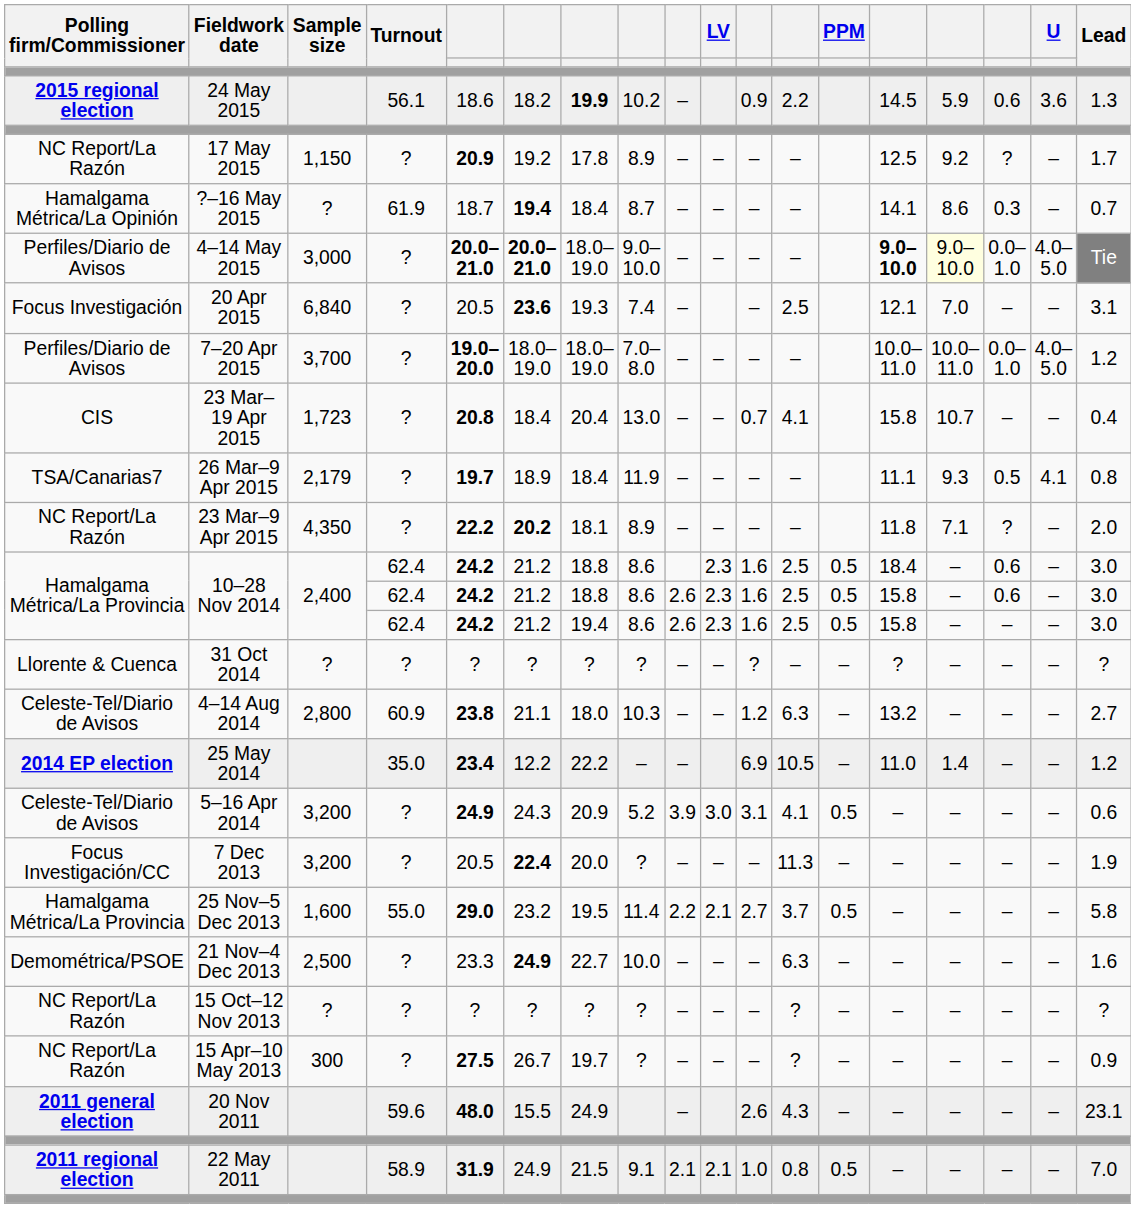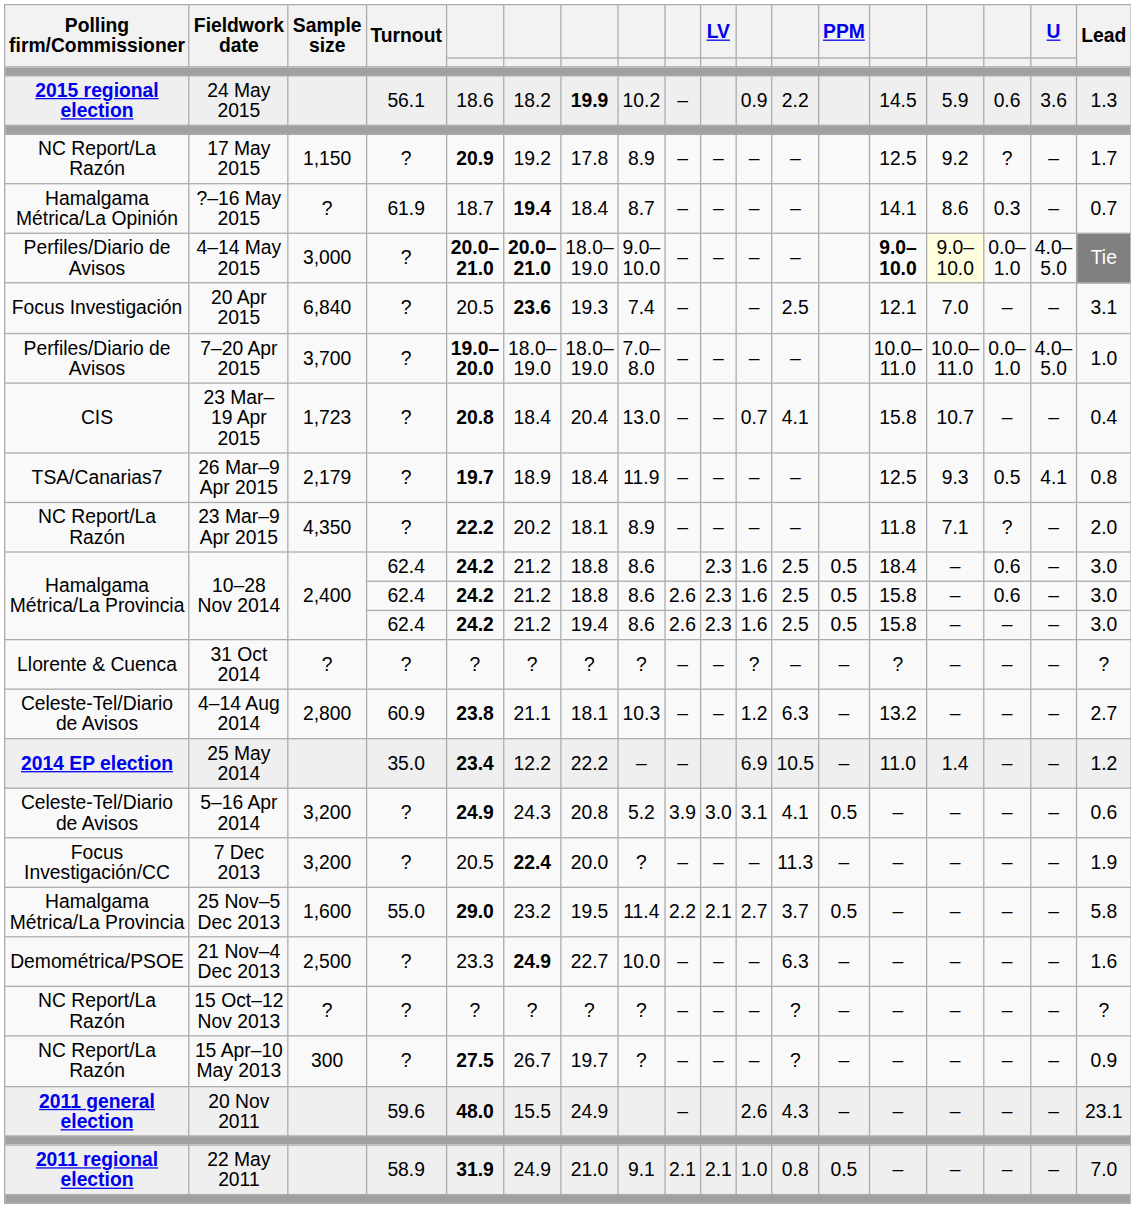 <table class="wikitable collapsible collapsed" style="text-align:center; font-size:95%; line-height:16px;">
 <tr style="height:42px;">
 <th style="width:250px;" rowspan="2">Polling firm/Commissioner</th>
 <th style="width:125px;" rowspan="2">Fieldwork date</th>
 <th style="width:50px;" rowspan="2">Sample size</th>
 <th style="width:45px;" rowspan="2">Turnout</th>
 <th style="width:35px;"></th>
 <th style="width:35px;"></th>
 <th style="width:35px;"></th>
 <th style="width:35px;"></th>
 <th style="width:35px;"></th>
 <th style="width:35px;"><a href='#'>LV</a></th>
 <th style="width:35px;"></th>
 <th style="width:35px;"></th>
 <th style="width:35px;"><a href='#'>PPM</a></th>
 <th style="width:35px;"></th>
 <th style="width:35px;"></th>
 <th style="width:35px;"></th>
 <th style="width:35px;"><a href='#'>U</a></th>
 <th style="width:30px;" rowspan="2">Lead</th>
 </tr>
 <tr>
 <th style="color:inherit;background:"></th>
 <th style="color:inherit;background:"></th>
 <th style="color:inherit;background:"></th>
 <th style="color:inherit;background:"></th>
 <th style="color:inherit;background:"></th>
 <th style="color:inherit;background:"></th>
 <th style="color:inherit;background:"></th>
 <th style="color:inherit;background:"></th>
 <th style="color:inherit;background:"></th>
 <th style="color:inherit;background:"></th>
 <th style="color:inherit;background:"></th>
 <th style="color:inherit;background:"></th>
 <th style="color:inherit;background:"></th>
 </tr>
 <tr>
 <td colspan="18" style="background:#A0A0A0"></td>
 </tr>
 <tr style="background:#EFEFEF;">
 <td><strong><a href='#'>2015 regional election</a></strong></td>
 <td>24 May 2015</td>
 <td></td>
 <td>56.1</td>
 <td>18.6<br></td>
 <td>18.2<br></td>
 <td><strong>19.9</strong><br></td>
 <td>10.2<br></td>
 <td>–</td>
 <td></td>
 <td>0.9<br></td>
 <td>2.2<br></td>
 <td></td>
 <td>14.5<br></td>
 <td>5.9<br></td>
 <td>0.6<br></td>
 <td>3.6<br></td>
 <td style="background:">1.3</td>
 </tr>
 <tr>
 <td colspan="18" style="background:#A0A0A0"></td>
 </tr>
 <tr>
 <td>NC Report/La Razón</td>
 <td>17 May 2015</td>
 <td>1,150</td>
 <td>?</td>
 <td><strong>20.9</strong><br></td>
 <td>19.2<br></td>
 <td>17.8<br></td>
 <td>8.9<br></td>
 <td>–</td>
 <td>–</td>
 <td>–</td>
 <td>–</td>
 <td></td>
 <td>12.5<br></td>
 <td>9.2<br></td>
 <td>?<br></td>
 <td>–</td>
 <td style="background:">1.7</td>
 </tr>
 <tr>
 <td>Hamalgama Métrica/La Opinión</td>
 <td>?–16 May 2015</td>
 <td>?</td>
 <td>61.9</td>
 <td>18.7<br></td>
 <td><strong>19.4</strong><br></td>
 <td>18.4<br></td>
 <td>8.7<br></td>
 <td>–</td>
 <td>–</td>
 <td>–</td>
 <td>–</td>
 <td></td>
 <td>14.1<br></td>
 <td>8.6<br></td>
 <td>0.3<br></td>
 <td>–</td>
 <td style="background:">0.7</td>
 </tr>
 <tr>
 <td>Perfiles/Diario de Avisos</td>
 <td>4–14 May 2015</td>
 <td>3,000</td>
 <td>?</td>
 <td><strong>20.0–<br>21.0</strong><br></td>
 <td><strong>20.0–<br>21.0</strong><br></td>
 <td>18.0–<br>19.0<br></td>
 <td>9.0–<br>10.0<br></td>
 <td>–</td>
 <td>–</td>
 <td>–</td>
 <td>–</td>
 <td></td>
 <td><strong>9.0–<br>10.0<br></strong></td>
 <td style="background: lightyellow;">9.0–<br>10.0<br></td>
 <td>0.0–<br>1.0<br></td>
 <td>4.0–<br>5.0<br></td>
 <td style="background:gray; color:white;">Tie</td>
 </tr>
 <tr>
 <td>Focus Investigación</td>
 <td>20 Apr 2015</td>
 <td>6,840</td>
 <td>?</td>
 <td>20.5<br></td>
 <td><strong>23.6</strong><br></td>
 <td>19.3<br></td>
 <td>7.4<br></td>
 <td>–</td>
 <td></td>
 <td>–</td>
 <td>2.5<br></td>
 <td></td>
 <td>12.1<br></td>
 <td>7.0<br></td>
 <td>–</td>
 <td>–</td>
 <td style="background:">3.1</td>
 </tr>
 <tr>
 <td>Perfiles/Diario de Avisos</td>
 <td>7–20 Apr 2015</td>
 <td>3,700</td>
 <td>?</td>
 <td><strong>19.0–<br>20.0</strong><br></td>
 <td>18.0–<br>19.0<br></td>
 <td>18.0–<br>19.0<br></td>
 <td>7.0–<br>8.0<br></td>
 <td>–</td>
 <td>–</td>
 <td>–</td>
 <td>–</td>
 <td></td>
 <td>10.0–<br>11.0<br></td>
 <td>10.0–<br>11.0<br></td>
 <td>0.0–<br>1.0<br></td>
 <td>4.0–<br>5.0<br></td>
-<td style="background:">1.2</td>
+<td style="background:">1.0</td>
 </tr>
 <tr>
 <td>CIS</td>
 <td>23 Mar–19 Apr 2015</td>
 <td>1,723</td>
 <td>?</td>
 <td><strong>20.8</strong><br></td>
 <td>18.4<br></td>
 <td>20.4<br></td>
 <td>13.0<br></td>
 <td>–</td>
 <td>–</td>
 <td>0.7<br></td>
 <td>4.1<br></td>
 <td></td>
 <td>15.8<br></td>
 <td>10.7<br></td>
 <td>–</td>
 <td>–</td>
 <td style="background:">0.4</td>
 </tr>
 <tr>
 <td>TSA/Canarias7</td>
 <td>26 Mar–9 Apr 2015</td>
 <td>2,179</td>
 <td>?</td>
 <td><strong>19.7</strong><br></td>
 <td>18.9<br></td>
 <td>18.4<br></td>
 <td>11.9<br></td>
 <td>–</td>
 <td>–</td>
 <td>–</td>
 <td>–</td>
 <td></td>
-<td>11.1<br></td>
+<td>12.5<br></td>
 <td>9.3<br></td>
 <td>0.5<br></td>
 <td>4.1<br></td>
 <td style="background:">0.8</td>
 </tr>
 <tr>
 <td>NC Report/La Razón</td>
 <td>23 Mar–9 Apr 2015</td>
 <td>4,350</td>
 <td>?</td>
 <td><strong>22.2</strong><br></td>
-<td><strong>20.2<br></strong></td>
+<td>20.2<br></td>
 <td>18.1<br></td>
 <td>8.9<br></td>
 <td>–</td>
 <td>–</td>
 <td>–</td>
 <td>–</td>
 <td></td>
 <td>11.8<br></td>
 <td>7.1<br></td>
 <td>?<br></td>
 <td>–</td>
 <td style="background:">2.0</td>
 </tr>
 <tr>
 <td rowspan="3">Hamalgama Métrica/La Provincia<br></td>
 <td rowspan="3">10–28 Nov 2014</td>
 <td rowspan="3">2,400</td>
 <td>62.4</td>
 <td><strong>24.2</strong><br></td>
 <td>21.2<br></td>
 <td>18.8<br></td>
 <td>8.6<br></td>
 <td></td>
 <td>2.3<br></td>
 <td>1.6<br></td>
 <td>2.5<br></td>
 <td>0.5<br></td>
 <td>18.4<br></td>
 <td>–</td>
 <td>0.6<br></td>
 <td>–</td>
 <td style="background:">3.0</td>
 </tr>
 <tr>
 <td>62.4</td>
 <td><strong>24.2</strong><br></td>
 <td>21.2<br></td>
 <td>18.8<br></td>
 <td>8.6<br></td>
 <td>2.6<br></td>
 <td>2.3<br></td>
 <td>1.6<br></td>
 <td>2.5<br></td>
 <td>0.5<br></td>
 <td>15.8<br></td>
 <td>–</td>
 <td>0.6<br></td>
 <td>–</td>
 <td style="background:">3.0</td>
 </tr>
 <tr>
 <td>62.4</td>
 <td><strong>24.2</strong><br></td>
 <td>21.2<br></td>
 <td>19.4<br></td>
 <td>8.6<br></td>
 <td>2.6<br></td>
 <td>2.3<br></td>
 <td>1.6<br></td>
 <td>2.5<br></td>
 <td>0.5<br></td>
 <td>15.8<br></td>
 <td>–</td>
 <td>–</td>
 <td>–</td>
 <td style="background:">3.0</td>
 </tr>
 <tr>
 <td>Llorente & Cuenca</td>
 <td>31 Oct 2014</td>
 <td>?</td>
 <td>?</td>
 <td>?<br></td>
 <td>?<br></td>
 <td>?<br></td>
 <td>?<br></td>
 <td>–</td>
 <td>–</td>
 <td>?<br></td>
 <td>–</td>
 <td>–</td>
 <td>?<br></td>
 <td>–</td>
 <td>–</td>
 <td>–</td>
 <td style="background:">?</td>
 </tr>
 <tr>
 <td>Celeste-Tel/Diario de Avisos</td>
 <td>4–14 Aug 2014</td>
 <td>2,800</td>
 <td>60.9</td>
 <td><strong>23.8</strong><br></td>
 <td>21.1<br></td>
-<td>18.0<br></td>
+<td>18.1<br></td>
 <td>10.3<br></td>
 <td>–</td>
 <td>–</td>
 <td>1.2<br></td>
 <td>6.3<br></td>
 <td>–</td>
 <td>13.2<br></td>
 <td>–</td>
 <td>–</td>
 <td>–</td>
 <td style="background:">2.7</td>
 </tr>
 <tr style="background:#EFEFEF;">
 <td><strong><a href='#'>2014 EP election</a></strong></td>
 <td>25 May 2014</td>
 <td></td>
 <td>35.0</td>
 <td><strong>23.4</strong><br></td>
 <td>12.2<br></td>
 <td>22.2<br></td>
 <td>–</td>
 <td>–</td>
 <td></td>
 <td>6.9<br></td>
 <td>10.5<br></td>
 <td>–</td>
 <td>11.0<br></td>
 <td>1.4<br></td>
 <td>–</td>
 <td>–</td>
 <td style="background:">1.2</td>
 </tr>
 <tr>
 <td>Celeste-Tel/Diario de Avisos</td>
 <td>5–16 Apr 2014</td>
 <td>3,200</td>
 <td>?</td>
 <td><strong>24.9</strong><br></td>
 <td>24.3<br></td>
-<td>20.9<br></td>
+<td>20.8<br></td>
 <td>5.2<br></td>
 <td>3.9<br></td>
 <td>3.0<br></td>
 <td>3.1<br></td>
 <td>4.1<br></td>
 <td>0.5<br></td>
 <td>–</td>
 <td>–</td>
 <td>–</td>
 <td>–</td>
 <td style="background:">0.6</td>
 </tr>
 <tr>
 <td>Focus Investigación/CC</td>
 <td>7 Dec 2013</td>
 <td>3,200</td>
 <td>?</td>
 <td>20.5<br></td>
 <td><strong>22.4</strong><br></td>
 <td>20.0<br></td>
 <td>?<br></td>
 <td>–</td>
 <td>–</td>
 <td>–</td>
 <td>11.3<br></td>
 <td>–</td>
 <td>–</td>
 <td>–</td>
 <td>–</td>
 <td>–</td>
 <td style="background:">1.9</td>
 </tr>
 <tr>
 <td>Hamalgama Métrica/La Provincia</td>
 <td>25 Nov–5 Dec 2013</td>
 <td>1,600</td>
 <td>55.0</td>
 <td><strong>29.0</strong><br></td>
 <td>23.2<br></td>
 <td>19.5<br></td>
 <td>11.4<br></td>
 <td>2.2<br></td>
 <td>2.1<br></td>
 <td>2.7<br></td>
 <td>3.7<br></td>
 <td>0.5<br></td>
 <td>–</td>
 <td>–</td>
 <td>–</td>
 <td>–</td>
 <td style="background:">5.8</td>
 </tr>
 <tr>
 <td>Demométrica/PSOE</td>
 <td>21 Nov–4 Dec 2013</td>
 <td>2,500</td>
 <td>?</td>
 <td>23.3<br></td>
 <td><strong>24.9</strong><br></td>
 <td>22.7<br></td>
 <td>10.0<br></td>
 <td>–</td>
 <td>–</td>
 <td>–</td>
 <td>6.3<br></td>
 <td>–</td>
 <td>–</td>
 <td>–</td>
 <td>–</td>
 <td>–</td>
 <td style="background:">1.6</td>
 </tr>
 <tr>
 <td>NC Report/La Razón</td>
 <td>15 Oct–12 Nov 2013</td>
 <td>?</td>
 <td>?</td>
 <td>?<br></td>
 <td>?<br></td>
 <td>?<br></td>
 <td>?<br></td>
 <td>–</td>
 <td>–</td>
 <td>–</td>
 <td>?<br></td>
 <td>–</td>
 <td>–</td>
 <td>–</td>
 <td>–</td>
 <td>–</td>
 <td style="background:">?</td>
 </tr>
 <tr>
 <td>NC Report/La Razón</td>
 <td>15 Apr–10 May 2013</td>
 <td>300</td>
 <td>?</td>
 <td><strong>27.5</strong><br></td>
 <td>26.7<br></td>
 <td>19.7<br></td>
 <td>?<br></td>
 <td>–</td>
 <td>–</td>
 <td>–</td>
 <td>?<br></td>
 <td>–</td>
 <td>–</td>
 <td>–</td>
 <td>–</td>
 <td>–</td>
 <td style="background:">0.9</td>
 </tr>
 <tr style="background:#EFEFEF;">
 <td><strong><a href='#'>2011 general election</a></strong></td>
 <td>20 Nov 2011</td>
 <td></td>
 <td>59.6</td>
 <td><strong>48.0</strong><br></td>
 <td>15.5<br></td>
 <td>24.9<br></td>
 <td></td>
 <td>–</td>
 <td></td>
 <td>2.6<br></td>
 <td>4.3<br></td>
 <td>–</td>
 <td>–</td>
 <td>–</td>
 <td>–</td>
 <td>–</td>
 <td style="background:">23.1</td>
 </tr>
 <tr>
 <td colspan="18" style="background:#A0A0A0"></td>
 </tr>
 <tr style="background:#EFEFEF;">
 <td><strong><a href='#'>2011 regional election</a></strong></td>
 <td>22 May 2011</td>
 <td></td>
 <td>58.9</td>
 <td><strong>31.9</strong><br></td>
 <td>24.9<br></td>
-<td>21.5<br></td>
+<td>21.0<br></td>
 <td>9.1<br></td>
 <td>2.1<br></td>
 <td>2.1<br></td>
 <td>1.0<br></td>
 <td>0.8<br></td>
 <td>0.5<br></td>
 <td>–</td>
 <td>–</td>
 <td>–</td>
 <td>–</td>
 <td style="background:">7.0</td>
 </tr>
 <tr>
 <td colspan="18" style="background:#A0A0A0"></td>
 </tr>
 </table>
